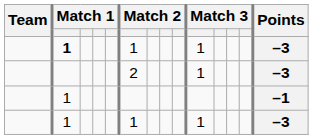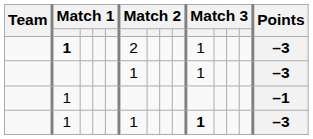 <table class="wikitable sortable" style="text-align:center;">
 <tr>
 <th rowspan=2>Team</th>
 <th colspan=4 style="border-left:3px solid gray">Match 1</th>
 <th colspan=4 style="border-left:3px solid gray">Match 2</th>
 <th colspan=4 style="border-left:3px solid gray">Match 3</th>
 <th rowspan=2 style="border-left:3px solid gray">Points</th>
 </tr>
 <tr>
 <th style="border-left:3px solid gray"></th>
 <th></th>
 <th></th>
 <th></th>
 <th style="border-left:3px solid gray"></th>
 <th></th>
 <th></th>
 <th></th>
 <th style="border-left:3px solid gray"></th>
 <th></th>
 <th></th>
 <th></th>
 </tr>
 <tr>
 <td align=left></td>
 <td style="border-left:3px solid gray"><strong>1</strong></td>
 <td></td>
 <td></td>
 <td></td>
-<td style="border-left:3px solid gray">1</td>
+<td style="border-left:3px solid gray">2</td>
 <td></td>
 <td></td>
 <td></td>
 <td style="border-left:3px solid gray">1</td>
 <td></td>
 <td></td>
 <td></td>
 <th style="border-left:3px solid gray">–3</th>
 </tr>
 <tr>
 <td align=left></td>
 <td style="border-left:3px solid gray"></td>
 <td></td>
 <td></td>
 <td></td>
-<td style="border-left:3px solid gray">2</td>
+<td style="border-left:3px solid gray">1</td>
 <td></td>
 <td></td>
 <td></td>
 <td style="border-left:3px solid gray">1</td>
 <td></td>
 <td></td>
 <td></td>
 <th style="border-left:3px solid gray">–3</th>
 </tr>
 <tr>
 <td align=left></td>
 <td style="border-left:3px solid gray">1</td>
 <td></td>
 <td></td>
 <td></td>
 <td style="border-left:3px solid gray"></td>
 <td></td>
 <td></td>
 <td></td>
 <td style="border-left:3px solid gray"></td>
 <td></td>
 <td></td>
 <td></td>
 <th style="border-left:3px solid gray">–1</th>
 </tr>
 <tr>
 <td align=left></td>
 <td style="border-left:3px solid gray">1</td>
 <td></td>
 <td></td>
 <td></td>
 <td style="border-left:3px solid gray">1</td>
 <td></td>
 <td></td>
 <td></td>
-<td style="border-left:3px solid gray">1</td>
+<td style="border-left:3px solid gray"><strong>1</strong></td>
 <td></td>
 <td></td>
 <td></td>
 <th style="border-left:3px solid gray">–3</th>
 </tr>
 </table>
